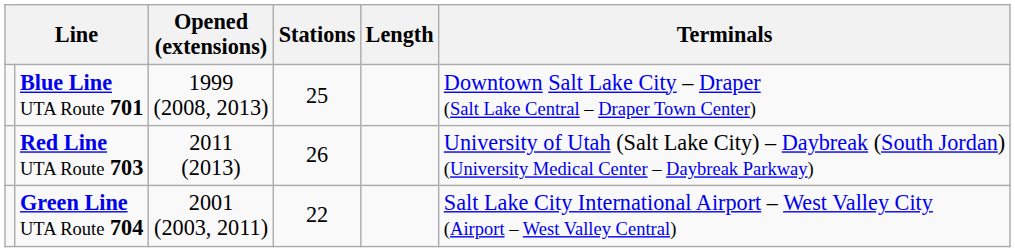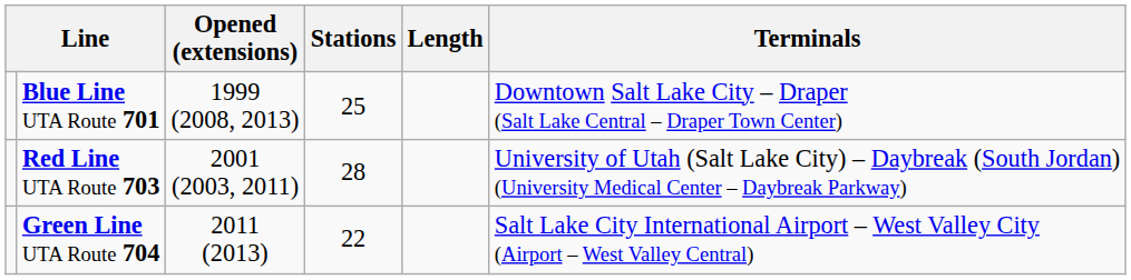 <table class="wikitable sortable" style="text-align:middle;margin: 0.5em auto;">
 <tr>
 <th colspan=2>Line</th>
 <th>Opened<br>(extensions)</th>
 <th>Stations</th>
 <th>Length</th>
 <th>Terminals</th>
 </tr>
 <tr>
 <td></td>
 <td><strong><a href='#'>Blue Line</a></strong><br><small>UTA Route</small> <strong>701</strong></td>
 <td style="text-align:center;">1999<br>(2008, 2013)</td>
 <td style="text-align:center;">25</td>
 <td style="text-align:center;"></td>
 <td><a href='#'>Downtown</a> <a href='#'>Salt Lake City</a> – <a href='#'>Draper</a><br><small>(<a href='#'>Salt Lake Central</a> – <a href='#'>Draper Town Center</a>)</small></td>
 </tr>
 <tr>
 <td></td>
 <td><strong><a href='#'>Red Line</a></strong><br><small>UTA Route</small> <strong>703</strong></td>
-<td style="text-align:center;">2011<br>(2013)</td>
-<td style="text-align:center;">26</td>
+<td style="text-align:center;">2001<br>(2003, 2011)</td>
+<td style="text-align:center;">28</td>
 <td style="text-align:center;"> </td>
 <td><a href='#'>University of Utah</a> (Salt Lake City) – <a href='#'>Daybreak</a> (<a href='#'>South Jordan</a>)<br><small>(<a href='#'>University Medical Center</a> – <a href='#'>Daybreak Parkway</a>)</small></td>
 </tr>
 <tr>
 <td></td>
 <td><strong><a href='#'>Green Line</a></strong><br><small>UTA Route</small> <strong>704</strong></td>
-<td style="text-align:center;">2001<br>(2003, 2011)</td>
+<td style="text-align:center;">2011<br>(2013)</td>
 <td style="text-align:center;">22</td>
 <td style="text-align:center;">  </td>
 <td><a href='#'>Salt Lake City International Airport</a> – <a href='#'>West Valley City</a><br><small>(<a href='#'>Airport</a> – <a href='#'>West Valley Central</a>)</small></td>
 </tr>
 </table>
